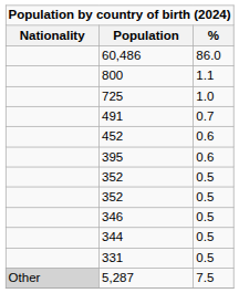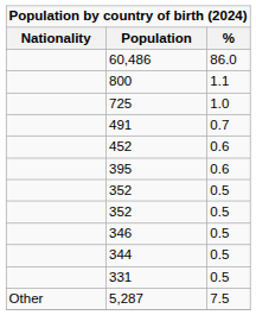 <table class="wikitable" style="float:right;">
 <tr>
 <td colspan="3"><strong>Population by country of birth (2024)</strong></td>
 </tr>
 <tr \>
 <th>Nationality</th>
 <th>Population</th>
 <th>%</th>
 </tr>
 <tr>
 <td></td>
 <td>60,486</td>
 <td>86.0</td>
 </tr>
 <tr>
 <td></td>
 <td>800</td>
 <td>1.1</td>
 </tr>
 <tr>
 <td></td>
 <td>725</td>
 <td>1.0</td>
 </tr>
 <tr>
 <td></td>
 <td>491</td>
 <td>0.7</td>
 </tr>
 <tr>
 <td></td>
 <td>452</td>
 <td>0.6</td>
 </tr>
 <tr>
 <td></td>
 <td>395</td>
 <td>0.6</td>
 </tr>
 <tr>
 <td></td>
 <td>352</td>
 <td>0.5</td>
 </tr>
 <tr>
 <td></td>
 <td>352</td>
 <td>0.5</td>
 </tr>
 <tr>
 <td></td>
 <td>346</td>
 <td>0.5</td>
 </tr>
 <tr>
 <td></td>
 <td>344</td>
 <td>0.5</td>
 </tr>
 <tr>
 <td></td>
 <td>331</td>
 <td>0.5</td>
 </tr>
 <tr>
-<td style="background: lightgrey;">Other</td>
+<td>Other</td>
 <td>5,287</td>
 <td>7.5</td>
 </tr>
 <tr>
 </tr>
 </table>
